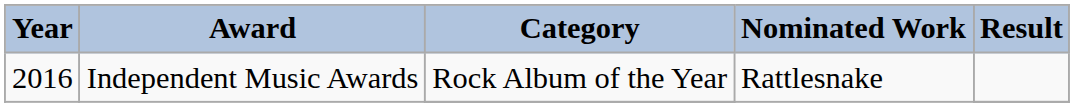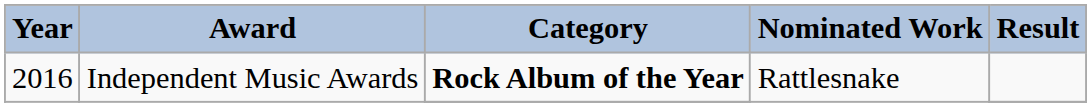 <table class="wikitable">
 <tr style="text-align:center;">
 <th style="background:#B0C4DE">Year</th>
 <th style="background:#B0C4DE">Award</th>
 <th style="background:#B0C4DE">Category</th>
 <th style="background:#B0C4DE">Nominated Work</th>
 <th style="background:#B0C4DE">Result</th>
 </tr>
 <tr>
 <td rowspan="3">2016</td>
 <td rowspan="3">Independent Music Awards</td>
-<td>Rock Album of the Year</td>
+<td><strong>Rock Album of the Year</strong></td>
 <td rowspan="2">Rattlesnake</td>
 <td></td>
 </tr>
 <tr>
 </tr>
 </table>
